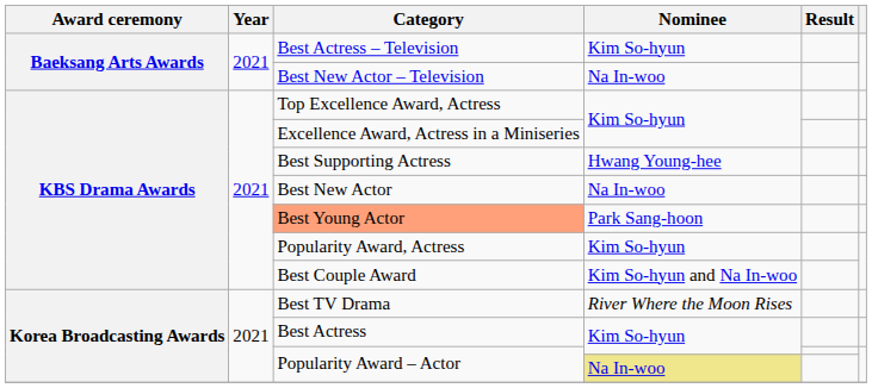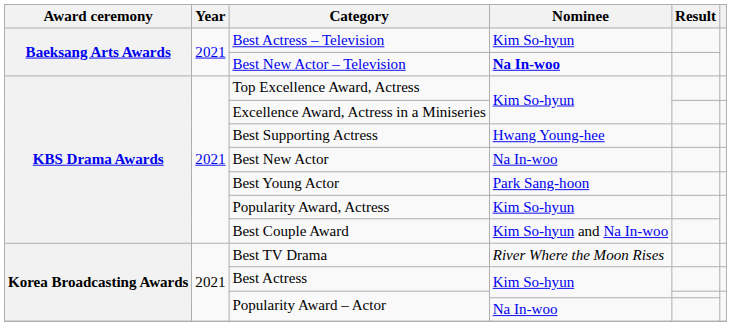 <table class="wikitable plainrowheaders sortable">
 <tr>
 <th scope="col">Award ceremony</th>
 <th scope="col">Year</th>
 <th scope="col">Category</th>
 <th scope="col">Nominee</th>
 <th scope="col">Result</th>
 <th scope="col" class="unsortable"></th>
 </tr>
 <tr>
 <th scope="row"  rowspan="2"><a href='#'>Baeksang Arts Awards</a></th>
 <td rowspan="2"><a href='#'>2021</a></td>
 <td><a href='#'>Best Actress – Television</a></td>
 <td><a href='#'>Kim So-hyun</a></td>
 <td></td>
 <td rowspan="2"></td>
 </tr>
 <tr>
 <td><a href='#'>Best New Actor – Television</a></td>
-<td><a href='#'>Na In-woo</a></td>
+<td><strong><a href='#'>Na In-woo</a></strong></td>
 <td></td>
 </tr>
 <tr>
 <th scope="row" rowspan="7"><a href='#'>KBS Drama Awards</a></th>
 <td rowspan="7"><a href='#'>2021</a></td>
 <td>Top Excellence Award, Actress</td>
 <td rowspan="2"><a href='#'>Kim So-hyun</a></td>
 <td></td>
 <td></td>
 </tr>
 <tr>
 <td>Excellence Award, Actress in a Miniseries</td>
 <td></td>
 <td></td>
 </tr>
 <tr>
 <td>Best Supporting Actress</td>
 <td><a href='#'>Hwang Young-hee</a></td>
 <td></td>
 <td></td>
 </tr>
 <tr>
 <td>Best New Actor</td>
 <td><a href='#'>Na In-woo</a></td>
 <td></td>
 <td></td>
 </tr>
 <tr>
-<td style="background: lightsalmon;">Best Young Actor</td>
+<td>Best Young Actor</td>
 <td><a href='#'>Park Sang-hoon</a></td>
 <td></td>
 <td></td>
 </tr>
 <tr>
 <td>Popularity Award, Actress</td>
 <td><a href='#'>Kim So-hyun</a></td>
 <td></td>
 <td rowspan="2"></td>
 </tr>
 <tr>
 <td>Best Couple Award</td>
 <td><a href='#'>Kim So-hyun</a> and <a href='#'>Na In-woo</a></td>
 <td></td>
 </tr>
 <tr>
 <th scope="row"  rowspan="4">Korea Broadcasting Awards</th>
 <td rowspan="4">2021</td>
 <td>Best TV Drama</td>
 <td><em>River Where the Moon Rises</em></td>
 <td></td>
 <td></td>
 </tr>
 <tr>
 <td>Best Actress</td>
 <td rowspan="2"><a href='#'>Kim So-hyun</a></td>
 <td></td>
 <td></td>
 </tr>
 <tr>
 <td rowspan="2">Popularity Award – Actor</td>
 <td></td>
 <td rowspan="2"></td>
 </tr>
 <tr>
-<td style="background: khaki;"><a href='#'>Na In-woo</a></td>
+<td><a href='#'>Na In-woo</a></td>
 <td></td>
 </tr>
 <tr>
 </tr>
 </table>
